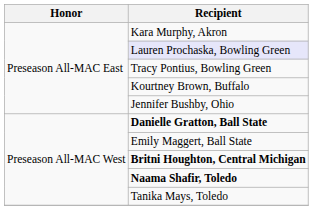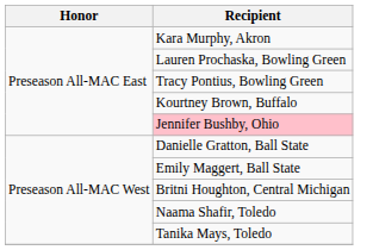 <table class="wikitable" border="1">
 <tr>
 <th>Honor</th>
 <th>Recipient</th>
 </tr>
 <tr>
 <td rowspan=5 valign=middle>Preseason All-MAC East</td>
 <td>Kara Murphy, Akron</td>
 </tr>
 <tr>
-<td style="background: lavender;">Lauren Prochaska, Bowling Green</td>
+<td>Lauren Prochaska, Bowling Green</td>
 </tr>
 <tr>
 <td>Tracy Pontius, Bowling Green</td>
 </tr>
 <tr>
 <td>Kourtney Brown, Buffalo</td>
 </tr>
 <tr>
-<td>Jennifer Bushby, Ohio</td>
+<td style="background: pink;">Jennifer Bushby, Ohio</td>
 </tr>
 <tr>
 <td rowspan=5 valign=middle>Preseason All-MAC West</td>
-<td><strong>Danielle Gratton, Ball State</strong></td>
+<td>Danielle Gratton, Ball State</td>
 </tr>
 <tr>
 <td>Emily Maggert, Ball State</td>
 </tr>
 <tr>
-<td><strong>Britni Houghton, Central Michigan</strong></td>
+<td>Britni Houghton, Central Michigan</td>
 </tr>
 <tr>
-<td><strong>Naama Shafir, Toledo</strong></td>
+<td>Naama Shafir, Toledo</td>
 </tr>
 <tr>
 <td>Tanika Mays, Toledo</td>
 </tr>
 <tr>
 </tr>
 </table>
